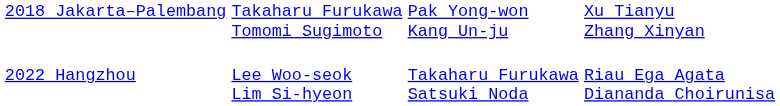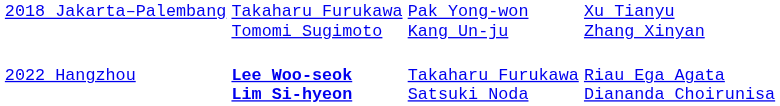 <table>
 <tr>
 <td><a href='#'>2018 Jakarta–Palembang</a></td>
 <td><br><a href='#'>Takaharu Furukawa</a><br><a href='#'>Tomomi Sugimoto</a></td>
 <td><br><a href='#'>Pak Yong-won</a><br><a href='#'>Kang Un-ju</a></td>
 <td><br><a href='#'>Xu Tianyu</a><br><a href='#'>Zhang Xinyan</a></td>
 </tr>
 <tr>
 <td><a href='#'>2022 Hangzhou</a></td>
-<td><br><a href='#'>Lee Woo-seok</a><br><a href='#'>Lim Si-hyeon</a></td>
+<td><strong><br><a href='#'>Lee Woo-seok</a><br><a href='#'>Lim Si-hyeon</a></strong></td>
 <td><br><a href='#'>Takaharu Furukawa</a><br><a href='#'>Satsuki Noda</a></td>
 <td><br><a href='#'>Riau Ega Agata</a><br><a href='#'>Diananda Choirunisa</a></td>
 </tr>
 </table>
